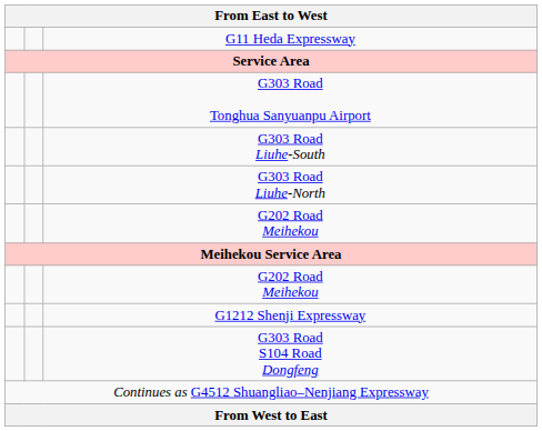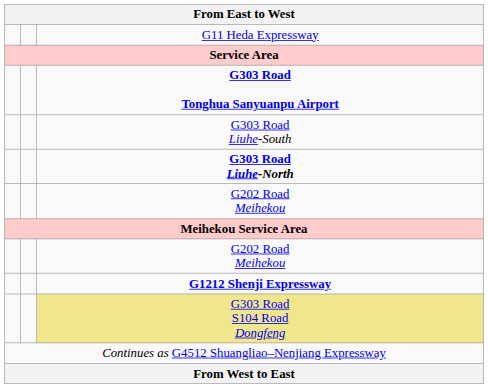 <table class="wikitable" style="text-align:center" width="600px">
 <tr>
 <th text-align="center" colspan="3"> From East to West </th>
 </tr>
 <tr>
 <td></td>
 <td><br></td>
 <td> <a href='#'>G11 Heda Expressway</a></td>
 </tr>
 <tr style="background:#ffcbcb;">
 <td colspan="7"> <strong>Service Area</strong></td>
 </tr>
 <tr>
 <td></td>
 <td></td>
-<td> <a href='#'>G303 Road</a><br><br> <a href='#'>Tonghua Sanyuanpu Airport</a></td>
+<td><strong> <a href='#'>G303 Road</a><br><br> <a href='#'>Tonghua Sanyuanpu Airport</a></strong></td>
 </tr>
 <tr>
 <td></td>
 <td></td>
 <td> <a href='#'>G303 Road</a><br><em><a href='#'>Liuhe</a>-South</em></td>
 </tr>
 <tr>
 <td></td>
 <td></td>
-<td> <a href='#'>G303 Road</a><br><em><a href='#'>Liuhe</a>-North</em></td>
+<td><strong> <a href='#'>G303 Road</a><br><em><a href='#'>Liuhe</a>-North</em></strong></td>
 </tr>
 <tr>
 <td></td>
 <td></td>
 <td> <a href='#'>G202 Road</a><br><em><a href='#'>Meihekou</a></em></td>
 </tr>
 <tr style="background:#ffcbcb;">
 <td colspan="7"> <strong>Meihekou Service Area</strong></td>
 </tr>
 <tr>
 <td></td>
 <td></td>
 <td> <a href='#'>G202 Road</a><br><em><a href='#'>Meihekou</a></em></td>
 </tr>
 <tr>
 <td></td>
 <td></td>
-<td> <a href='#'>G1212 Shenji Expressway</a></td>
+<td><strong> <a href='#'>G1212 Shenji Expressway</a></strong></td>
 </tr>
 <tr>
 <td></td>
 <td><br></td>
-<td> <a href='#'>G303 Road</a><br> <a href='#'>S104 Road</a><br><em><a href='#'>Dongfeng</a></em></td>
+<td style="background: khaki;"> <a href='#'>G303 Road</a><br> <a href='#'>S104 Road</a><br><em><a href='#'>Dongfeng</a></em></td>
 </tr>
 <tr>
 <td colspan="7" align="center"><em>Continues as </em> <a href='#'>G4512 Shuangliao–Nenjiang Expressway</a></td>
 </tr>
 <tr>
 <th text-align="center" colspan="3"> From West to East </th>
 </tr>
 </table>
